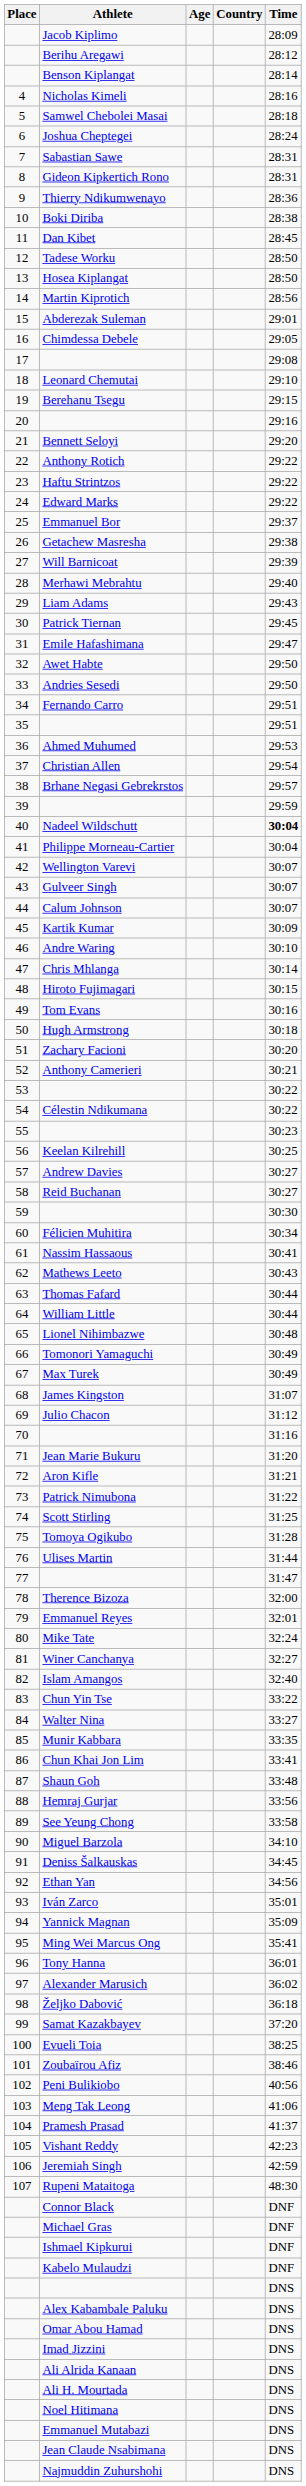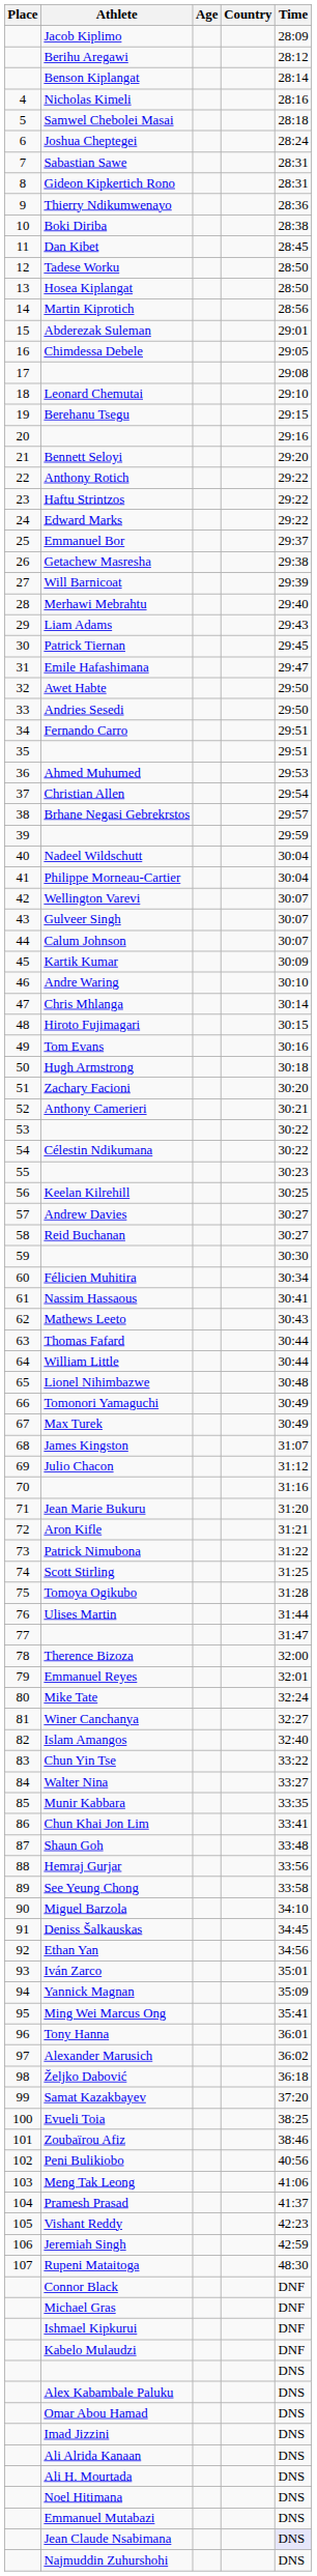 <table class="wikitable mw-datatable sortable">
 <tr>
 <th>Place</th>
 <th>Athlete</th>
 <th>Age</th>
 <th>Country</th>
 <th>Time</th>
 </tr>
 <tr>
 <td align=center></td>
 <td><a href='#'>Jacob Kiplimo</a></td>
 <td></td>
 <td></td>
 <td>28:09</td>
 </tr>
 <tr>
 <td align=center></td>
 <td><a href='#'>Berihu Aregawi</a></td>
 <td></td>
 <td></td>
 <td>28:12</td>
 </tr>
 <tr>
 <td align=center></td>
 <td><a href='#'>Benson Kiplangat</a></td>
 <td></td>
 <td></td>
 <td>28:14</td>
 </tr>
 <tr>
 <td align=center>4</td>
 <td><a href='#'>Nicholas Kimeli</a></td>
 <td></td>
 <td></td>
 <td>28:16</td>
 </tr>
 <tr>
 <td align=center>5</td>
 <td><a href='#'>Samwel Chebolei Masai</a></td>
 <td></td>
 <td></td>
 <td>28:18</td>
 </tr>
 <tr>
 <td align=center>6</td>
 <td><a href='#'>Joshua Cheptegei</a></td>
 <td></td>
 <td></td>
 <td>28:24</td>
 </tr>
 <tr>
 <td align=center>7</td>
 <td><a href='#'>Sabastian Sawe</a></td>
 <td></td>
 <td></td>
 <td>28:31</td>
 </tr>
 <tr>
 <td align=center>8</td>
 <td><a href='#'>Gideon Kipkertich Rono</a></td>
 <td></td>
 <td></td>
 <td>28:31</td>
 </tr>
 <tr>
 <td align=center>9</td>
 <td><a href='#'>Thierry Ndikumwenayo</a></td>
 <td></td>
 <td></td>
 <td>28:36</td>
 </tr>
 <tr>
 <td align=center>10</td>
 <td><a href='#'>Boki Diriba</a></td>
 <td></td>
 <td></td>
 <td>28:38</td>
 </tr>
 <tr>
 <td align=center>11</td>
 <td><a href='#'>Dan Kibet</a></td>
 <td></td>
 <td></td>
 <td>28:45</td>
 </tr>
 <tr>
 <td align=center>12</td>
 <td><a href='#'>Tadese Worku</a></td>
 <td></td>
 <td></td>
 <td>28:50</td>
 </tr>
 <tr>
 <td align=center>13</td>
 <td><a href='#'>Hosea Kiplangat</a></td>
 <td></td>
 <td></td>
 <td>28:50</td>
 </tr>
 <tr>
 <td align=center>14</td>
 <td><a href='#'>Martin Kiprotich</a></td>
 <td></td>
 <td></td>
 <td>28:56</td>
 </tr>
 <tr>
 <td align=center>15</td>
 <td><a href='#'>Abderezak Suleman</a></td>
 <td></td>
 <td></td>
 <td>29:01</td>
 </tr>
 <tr>
 <td align=center>16</td>
 <td><a href='#'>Chimdessa Debele</a></td>
 <td></td>
 <td></td>
 <td>29:05</td>
 </tr>
 <tr>
 <td align=center>17</td>
 <td></td>
 <td></td>
 <td></td>
 <td>29:08</td>
 </tr>
 <tr>
 <td align=center>18</td>
 <td><a href='#'>Leonard Chemutai</a></td>
 <td></td>
 <td></td>
 <td>29:10</td>
 </tr>
 <tr>
 <td align=center>19</td>
 <td><a href='#'>Berehanu Tsegu</a></td>
 <td></td>
 <td></td>
 <td>29:15</td>
 </tr>
 <tr>
 <td align=center>20</td>
 <td></td>
 <td></td>
 <td></td>
 <td>29:16</td>
 </tr>
 <tr>
 <td align=center>21</td>
 <td><a href='#'>Bennett Seloyi</a></td>
 <td></td>
 <td></td>
 <td>29:20</td>
 </tr>
 <tr>
 <td align=center>22</td>
 <td><a href='#'>Anthony Rotich</a></td>
 <td></td>
 <td></td>
 <td>29:22</td>
 </tr>
 <tr>
 <td align=center>23</td>
 <td><a href='#'>Haftu Strintzos</a></td>
 <td></td>
 <td></td>
 <td>29:22</td>
 </tr>
 <tr>
 <td align=center>24</td>
 <td><a href='#'>Edward Marks</a></td>
 <td></td>
 <td></td>
 <td>29:22</td>
 </tr>
 <tr>
 <td align=center>25</td>
 <td><a href='#'>Emmanuel Bor</a></td>
 <td></td>
 <td></td>
 <td>29:37</td>
 </tr>
 <tr>
 <td align=center>26</td>
 <td><a href='#'>Getachew Masresha</a></td>
 <td></td>
 <td></td>
 <td>29:38</td>
 </tr>
 <tr>
 <td align=center>27</td>
 <td><a href='#'>Will Barnicoat</a></td>
 <td></td>
 <td></td>
 <td>29:39</td>
 </tr>
 <tr>
 <td align=center>28</td>
 <td><a href='#'>Merhawi Mebrahtu</a></td>
 <td></td>
 <td></td>
 <td>29:40</td>
 </tr>
 <tr>
 <td align=center>29</td>
 <td><a href='#'>Liam Adams</a></td>
 <td></td>
 <td></td>
 <td>29:43</td>
 </tr>
 <tr>
 <td align=center>30</td>
 <td><a href='#'>Patrick Tiernan</a></td>
 <td></td>
 <td></td>
 <td>29:45</td>
 </tr>
 <tr>
 <td align=center>31</td>
 <td><a href='#'>Emile Hafashimana</a></td>
 <td></td>
 <td></td>
 <td>29:47</td>
 </tr>
 <tr>
 <td align=center>32</td>
 <td><a href='#'>Awet Habte</a></td>
 <td></td>
 <td></td>
 <td>29:50</td>
 </tr>
 <tr>
 <td align=center>33</td>
 <td><a href='#'>Andries Sesedi</a></td>
 <td></td>
 <td></td>
 <td>29:50</td>
 </tr>
 <tr>
 <td align=center>34</td>
 <td><a href='#'>Fernando Carro</a></td>
 <td></td>
 <td></td>
 <td>29:51</td>
 </tr>
 <tr>
 <td align=center>35</td>
 <td></td>
 <td></td>
 <td></td>
 <td>29:51</td>
 </tr>
 <tr>
 <td align=center>36</td>
 <td><a href='#'>Ahmed Muhumed</a></td>
 <td></td>
 <td></td>
 <td>29:53</td>
 </tr>
 <tr>
 <td align=center>37</td>
 <td><a href='#'>Christian Allen</a></td>
 <td></td>
 <td></td>
 <td>29:54</td>
 </tr>
 <tr>
 <td align=center>38</td>
 <td><a href='#'>Brhane Negasi Gebrekrstos</a></td>
 <td></td>
 <td></td>
 <td>29:57</td>
 </tr>
 <tr>
 <td align=center>39</td>
 <td></td>
 <td></td>
 <td></td>
 <td>29:59</td>
 </tr>
 <tr>
 <td align=center>40</td>
 <td><a href='#'>Nadeel Wildschutt</a></td>
 <td></td>
 <td></td>
-<td><strong>30:04</strong></td>
+<td>30:04</td>
 </tr>
 <tr>
 <td align=center>41</td>
 <td><a href='#'>Philippe Morneau-Cartier</a></td>
 <td></td>
 <td></td>
 <td>30:04</td>
 </tr>
 <tr>
 <td align=center>42</td>
 <td><a href='#'>Wellington Varevi</a></td>
 <td></td>
 <td></td>
 <td>30:07</td>
 </tr>
 <tr>
 <td align=center>43</td>
 <td><a href='#'>Gulveer Singh</a></td>
 <td></td>
 <td></td>
 <td>30:07</td>
 </tr>
 <tr>
 <td align=center>44</td>
 <td><a href='#'>Calum Johnson</a></td>
 <td></td>
 <td></td>
 <td>30:07</td>
 </tr>
 <tr>
 <td align=center>45</td>
 <td><a href='#'>Kartik Kumar</a></td>
 <td></td>
 <td></td>
 <td>30:09</td>
 </tr>
 <tr>
 <td align=center>46</td>
 <td><a href='#'>Andre Waring</a></td>
 <td></td>
 <td></td>
 <td>30:10</td>
 </tr>
 <tr>
 <td align=center>47</td>
 <td><a href='#'>Chris Mhlanga</a></td>
 <td></td>
 <td></td>
 <td>30:14</td>
 </tr>
 <tr>
 <td align=center>48</td>
 <td><a href='#'>Hiroto Fujimagari</a></td>
 <td></td>
 <td></td>
 <td>30:15</td>
 </tr>
 <tr>
 <td align=center>49</td>
 <td><a href='#'>Tom Evans</a></td>
 <td></td>
 <td></td>
 <td>30:16</td>
 </tr>
 <tr>
 <td align=center>50</td>
 <td><a href='#'>Hugh Armstrong</a></td>
 <td></td>
 <td></td>
 <td>30:18</td>
 </tr>
 <tr>
 <td align=center>51</td>
 <td><a href='#'>Zachary Facioni</a></td>
 <td></td>
 <td></td>
 <td>30:20</td>
 </tr>
 <tr>
 <td align=center>52</td>
 <td><a href='#'>Anthony Camerieri</a></td>
 <td></td>
 <td></td>
 <td>30:21</td>
 </tr>
 <tr>
 <td align=center>53</td>
 <td></td>
 <td></td>
 <td></td>
 <td>30:22</td>
 </tr>
 <tr>
 <td align=center>54</td>
 <td><a href='#'>Célestin Ndikumana</a></td>
 <td></td>
 <td></td>
 <td>30:22</td>
 </tr>
 <tr>
 <td align=center>55</td>
 <td></td>
 <td></td>
 <td></td>
 <td>30:23</td>
 </tr>
 <tr>
 <td align=center>56</td>
 <td><a href='#'>Keelan Kilrehill</a></td>
 <td></td>
 <td></td>
 <td>30:25</td>
 </tr>
 <tr>
 <td align=center>57</td>
 <td><a href='#'>Andrew Davies</a></td>
 <td></td>
 <td></td>
 <td>30:27</td>
 </tr>
 <tr>
 <td align=center>58</td>
 <td><a href='#'>Reid Buchanan</a></td>
 <td></td>
 <td></td>
 <td>30:27</td>
 </tr>
 <tr>
 <td align=center>59</td>
 <td></td>
 <td></td>
 <td></td>
 <td>30:30</td>
 </tr>
 <tr>
 <td align=center>60</td>
 <td><a href='#'>Félicien Muhitira</a></td>
 <td></td>
 <td></td>
 <td>30:34</td>
 </tr>
 <tr>
 <td align=center>61</td>
 <td><a href='#'>Nassim Hassaous</a></td>
 <td></td>
 <td></td>
 <td>30:41</td>
 </tr>
 <tr>
 <td align=center>62</td>
 <td><a href='#'>Mathews Leeto</a></td>
 <td></td>
 <td></td>
 <td>30:43</td>
 </tr>
 <tr>
 <td align=center>63</td>
 <td><a href='#'>Thomas Fafard</a></td>
 <td></td>
 <td></td>
 <td>30:44</td>
 </tr>
 <tr>
 <td align=center>64</td>
 <td><a href='#'>William Little</a></td>
 <td></td>
 <td></td>
 <td>30:44</td>
 </tr>
 <tr>
 <td align=center>65</td>
 <td><a href='#'>Lionel Nihimbazwe</a></td>
 <td></td>
 <td></td>
 <td>30:48</td>
 </tr>
 <tr>
 <td align=center>66</td>
 <td><a href='#'>Tomonori Yamaguchi</a></td>
 <td></td>
 <td></td>
 <td>30:49</td>
 </tr>
 <tr>
 <td align=center>67</td>
 <td><a href='#'>Max Turek</a></td>
 <td></td>
 <td></td>
 <td>30:49</td>
 </tr>
 <tr>
 <td align=center>68</td>
 <td><a href='#'>James Kingston</a></td>
 <td></td>
 <td></td>
 <td>31:07</td>
 </tr>
 <tr>
 <td align=center>69</td>
 <td><a href='#'>Julio Chacon</a></td>
 <td></td>
 <td></td>
 <td>31:12</td>
 </tr>
 <tr>
 <td align=center>70</td>
 <td></td>
 <td></td>
 <td></td>
 <td>31:16</td>
 </tr>
 <tr>
 <td align=center>71</td>
 <td><a href='#'>Jean Marie Bukuru</a></td>
 <td></td>
 <td></td>
 <td>31:20</td>
 </tr>
 <tr>
 <td align=center>72</td>
 <td><a href='#'>Aron Kifle</a></td>
 <td></td>
 <td></td>
 <td>31:21</td>
 </tr>
 <tr>
 <td align=center>73</td>
 <td><a href='#'>Patrick Nimubona</a></td>
 <td></td>
 <td></td>
 <td>31:22</td>
 </tr>
 <tr>
 <td align=center>74</td>
 <td><a href='#'>Scott Stirling</a></td>
 <td></td>
 <td></td>
 <td>31:25</td>
 </tr>
 <tr>
 <td align=center>75</td>
 <td><a href='#'>Tomoya Ogikubo</a></td>
 <td></td>
 <td></td>
 <td>31:28</td>
 </tr>
 <tr>
 <td align=center>76</td>
 <td><a href='#'>Ulises Martin</a></td>
 <td></td>
 <td></td>
 <td>31:44</td>
 </tr>
 <tr>
 <td align=center>77</td>
 <td></td>
 <td></td>
 <td></td>
 <td>31:47</td>
 </tr>
 <tr>
 <td align=center>78</td>
 <td><a href='#'>Therence Bizoza</a></td>
 <td></td>
 <td></td>
 <td>32:00</td>
 </tr>
 <tr>
 <td align=center>79</td>
 <td><a href='#'>Emmanuel Reyes</a></td>
 <td></td>
 <td></td>
 <td>32:01</td>
 </tr>
 <tr>
 <td align=center>80</td>
 <td><a href='#'>Mike Tate</a></td>
 <td></td>
 <td></td>
 <td>32:24</td>
 </tr>
 <tr>
 <td align=center>81</td>
 <td><a href='#'>Winer Canchanya</a></td>
 <td></td>
 <td></td>
 <td>32:27</td>
 </tr>
 <tr>
 <td align=center>82</td>
 <td><a href='#'>Islam Amangos</a></td>
 <td></td>
 <td></td>
 <td>32:40</td>
 </tr>
 <tr>
 <td align=center>83</td>
 <td><a href='#'>Chun Yin Tse</a></td>
 <td></td>
 <td></td>
 <td>33:22</td>
 </tr>
 <tr>
 <td align=center>84</td>
 <td><a href='#'>Walter Nina</a></td>
 <td></td>
 <td></td>
 <td>33:27</td>
 </tr>
 <tr>
 <td align=center>85</td>
 <td><a href='#'>Munir Kabbara</a></td>
 <td></td>
 <td></td>
 <td>33:35</td>
 </tr>
 <tr>
 <td align=center>86</td>
 <td><a href='#'>Chun Khai Jon Lim</a></td>
 <td></td>
 <td></td>
 <td>33:41</td>
 </tr>
 <tr>
 <td align=center>87</td>
 <td><a href='#'>Shaun Goh</a></td>
 <td></td>
 <td></td>
 <td>33:48</td>
 </tr>
 <tr>
 <td align=center>88</td>
 <td><a href='#'>Hemraj Gurjar</a></td>
 <td></td>
 <td></td>
 <td>33:56</td>
 </tr>
 <tr>
 <td align=center>89</td>
 <td><a href='#'>See Yeung Chong</a></td>
 <td></td>
 <td></td>
 <td>33:58</td>
 </tr>
 <tr>
 <td align=center>90</td>
 <td><a href='#'>Miguel Barzola</a></td>
 <td></td>
 <td></td>
 <td>34:10</td>
 </tr>
 <tr>
 <td align=center>91</td>
 <td><a href='#'>Deniss Šalkauskas</a></td>
 <td></td>
 <td></td>
 <td>34:45</td>
 </tr>
 <tr>
 <td align=center>92</td>
 <td><a href='#'>Ethan Yan</a></td>
 <td></td>
 <td></td>
 <td>34:56</td>
 </tr>
 <tr>
 <td align=center>93</td>
 <td><a href='#'>Iván Zarco</a></td>
 <td></td>
 <td></td>
 <td>35:01</td>
 </tr>
 <tr>
 <td align=center>94</td>
 <td><a href='#'>Yannick Magnan</a></td>
 <td></td>
 <td></td>
 <td>35:09</td>
 </tr>
 <tr>
 <td align=center>95</td>
 <td><a href='#'>Ming Wei Marcus Ong</a></td>
 <td></td>
 <td></td>
 <td>35:41</td>
 </tr>
 <tr>
 <td align=center>96</td>
 <td><a href='#'>Tony Hanna</a></td>
 <td></td>
 <td></td>
 <td>36:01</td>
 </tr>
 <tr>
 <td align=center>97</td>
 <td><a href='#'>Alexander Marusich</a></td>
 <td></td>
 <td></td>
 <td>36:02</td>
 </tr>
 <tr>
 <td align=center>98</td>
 <td><a href='#'>Željko Dabović</a></td>
 <td></td>
 <td></td>
 <td>36:18</td>
 </tr>
 <tr>
 <td align=center>99</td>
 <td><a href='#'>Samat Kazakbayev</a></td>
 <td></td>
 <td></td>
 <td>37:20</td>
 </tr>
 <tr>
 <td align=center>100</td>
 <td><a href='#'>Evueli Toia</a></td>
 <td></td>
 <td></td>
 <td>38:25</td>
 </tr>
 <tr>
 <td align=center>101</td>
 <td><a href='#'>Zoubaïrou Afiz</a></td>
 <td></td>
 <td></td>
 <td>38:46</td>
 </tr>
 <tr>
 <td align=center>102</td>
 <td><a href='#'>Peni Bulikiobo</a></td>
 <td></td>
 <td></td>
 <td>40:56</td>
 </tr>
 <tr>
 <td align=center>103</td>
 <td><a href='#'>Meng Tak Leong</a></td>
 <td></td>
 <td></td>
 <td>41:06</td>
 </tr>
 <tr>
 <td align=center>104</td>
 <td><a href='#'>Pramesh Prasad</a></td>
 <td></td>
 <td></td>
 <td>41:37</td>
 </tr>
 <tr>
 <td align=center>105</td>
 <td><a href='#'>Vishant Reddy</a></td>
 <td></td>
 <td></td>
 <td>42:23</td>
 </tr>
 <tr>
 <td align=center>106</td>
 <td><a href='#'>Jeremiah Singh</a></td>
 <td></td>
 <td></td>
 <td>42:59</td>
 </tr>
 <tr>
 <td align=center>107</td>
 <td><a href='#'>Rupeni Mataitoga</a></td>
 <td></td>
 <td></td>
 <td>48:30</td>
 </tr>
 <tr>
 <td align=center></td>
 <td><a href='#'>Connor Black</a></td>
 <td></td>
 <td></td>
 <td>DNF</td>
 </tr>
 <tr>
 <td align=center></td>
 <td><a href='#'>Michael Gras</a></td>
 <td></td>
 <td></td>
 <td>DNF</td>
 </tr>
 <tr>
 <td align=center></td>
 <td><a href='#'>Ishmael Kipkurui</a></td>
 <td></td>
 <td></td>
 <td>DNF</td>
 </tr>
 <tr>
 <td align=center></td>
 <td><a href='#'>Kabelo Mulaudzi</a></td>
 <td></td>
 <td></td>
 <td>DNF</td>
 </tr>
 <tr>
 <td align=center></td>
 <td></td>
 <td></td>
 <td></td>
 <td>DNS</td>
 </tr>
 <tr>
 <td align=center></td>
 <td><a href='#'>Alex Kabambale Paluku</a></td>
 <td></td>
 <td></td>
 <td>DNS</td>
 </tr>
 <tr>
 <td align=center></td>
 <td><a href='#'>Omar Abou Hamad</a></td>
 <td></td>
 <td></td>
 <td>DNS</td>
 </tr>
 <tr>
 <td align=center></td>
 <td><a href='#'>Imad Jizzini</a></td>
 <td></td>
 <td></td>
 <td>DNS</td>
 </tr>
 <tr>
 <td align=center></td>
 <td><a href='#'>Ali Alrida Kanaan</a></td>
 <td></td>
 <td></td>
 <td>DNS</td>
 </tr>
 <tr>
 <td align=center></td>
 <td><a href='#'>Ali H. Mourtada</a></td>
 <td></td>
 <td></td>
 <td>DNS</td>
 </tr>
 <tr>
 <td align=center></td>
 <td><a href='#'>Noel Hitimana</a></td>
 <td></td>
 <td></td>
 <td>DNS</td>
 </tr>
 <tr>
 <td align=center></td>
 <td><a href='#'>Emmanuel Mutabazi</a></td>
 <td></td>
 <td></td>
 <td>DNS</td>
 </tr>
 <tr>
 <td align=center></td>
 <td><a href='#'>Jean Claude Nsabimana</a></td>
 <td></td>
 <td></td>
-<td>DNS</td>
+<td style="background: lavender;">DNS</td>
 </tr>
 <tr>
 <td align=center></td>
 <td><a href='#'>Najmuddin Zuhurshohi</a></td>
 <td></td>
 <td></td>
 <td>DNS</td>
 </tr>
 </table>
